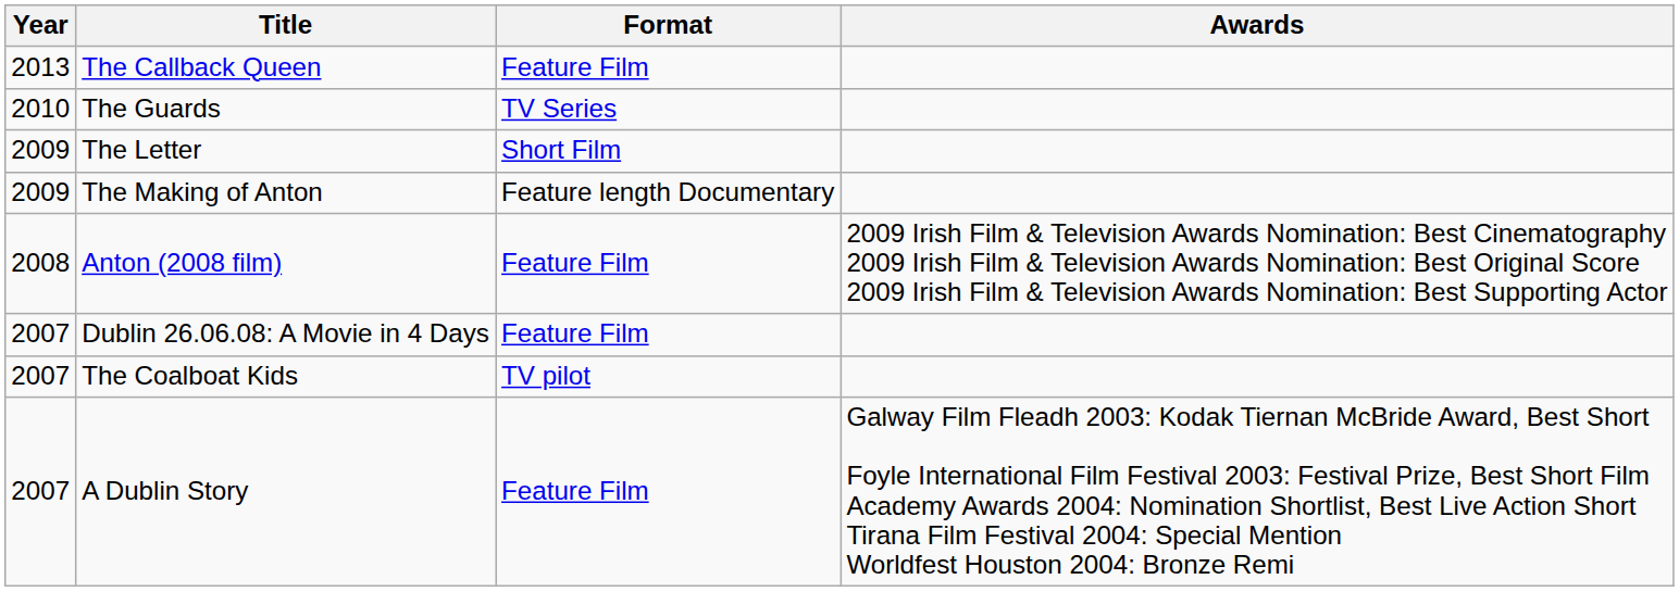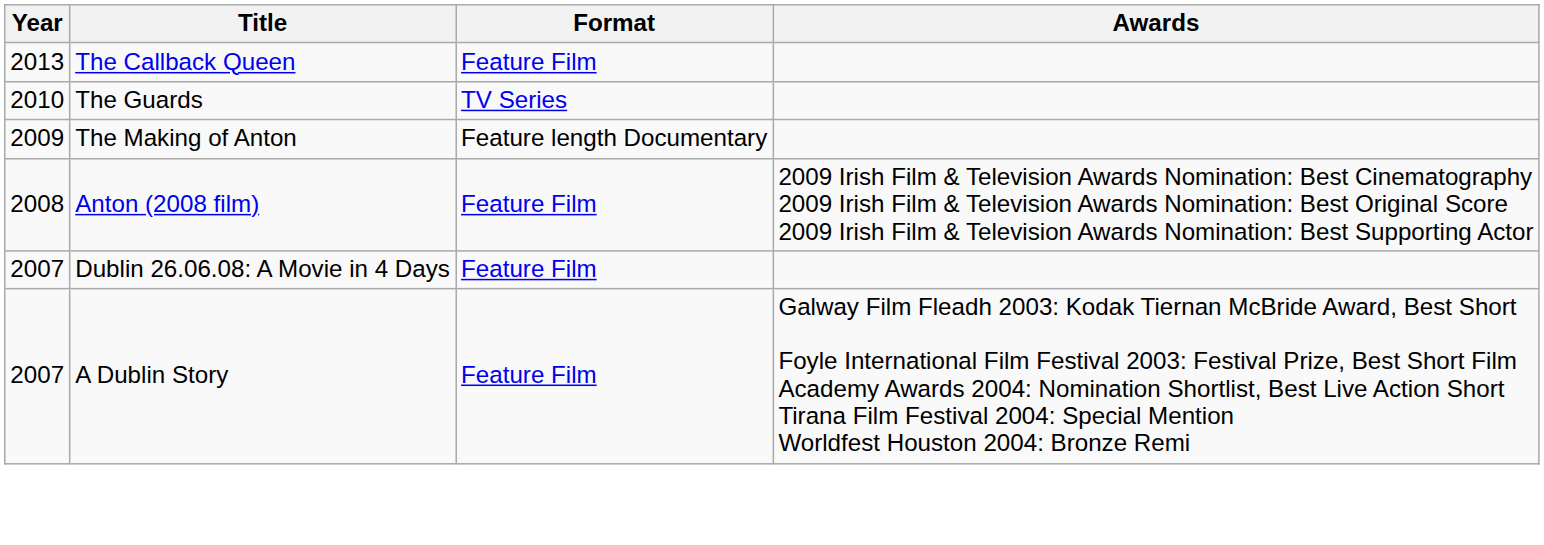 <table class="wikitable">
 <tr>
 <th>Year</th>
 <th>Title</th>
 <th>Format</th>
 <th>Awards</th>
 </tr>
 <tr>
 <td>2013</td>
 <td><a href='#'>The Callback Queen</a></td>
 <td><a href='#'>Feature Film</a></td>
 <td></td>
 </tr>
 <tr>
 <td>2010</td>
 <td>The Guards</td>
 <td><a href='#'>TV Series</a></td>
-<td></td>
-</tr>
-<tr>
-<td>2009</td>
-<td>The Letter</td>
-<td><a href='#'>Short Film</a></td>
 <td></td>
 </tr>
 <tr>
 <td>2009</td>
 <td>The Making of Anton</td>
 <td>Feature length Documentary</td>
 <td></td>
 </tr>
 <tr>
 <td>2008</td>
 <td><a href='#'>Anton (2008 film)</a></td>
 <td><a href='#'>Feature Film</a></td>
 <td>2009 Irish Film & Television Awards Nomination: Best Cinematography<br>2009 Irish Film & Television Awards Nomination: Best Original Score<br>2009 Irish Film & Television Awards Nomination: Best Supporting Actor</td>
 </tr>
 <tr>
 <td>2007</td>
 <td>Dublin 26.06.08: A Movie in 4 Days</td>
 <td><a href='#'>Feature Film</a></td>
 <td></td>
 </tr>
 <tr>
 <td>2007</td>
-<td>The Coalboat Kids</td>
-<td><a href='#'>TV pilot</a></td>
-<td></td>
-</tr>
-<tr>
-<td>2007</td>
 <td>A Dublin Story</td>
 <td><a href='#'>Feature Film</a></td>
 <td>Galway Film Fleadh 2003: Kodak Tiernan McBride Award, Best Short<br><br>Foyle International Film Festival 2003: Festival Prize, Best Short Film<br> Academy Awards 2004: Nomination Shortlist, Best Live Action Short<br> Tirana Film Festival 2004: Special Mention<br> Worldfest Houston 2004: Bronze Remi</td>
 </tr>
 </table>
